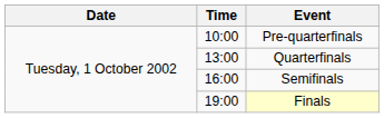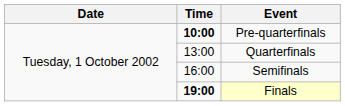 <table class = "wikitable" style="text-align:center;">
 <tr>
 <th width=220>Date</th>
 <th width=50>Time</th>
 <th width=150>Event</th>
 </tr>
 <tr>
 <td rowspan=4>Tuesday, 1 October 2002</td>
-<td>10:00</td>
+<td><strong>10:00</strong></td>
 <td>Pre-quarterfinals</td>
 </tr>
 <tr>
 <td>13:00</td>
 <td>Quarterfinals</td>
 </tr>
 <tr>
 <td>16:00</td>
 <td>Semifinals</td>
 </tr>
 <tr>
-<td>19:00</td>
+<td><strong>19:00</strong></td>
 <td bgcolor=ffffcc>Finals</td>
 </tr>
 </table>
